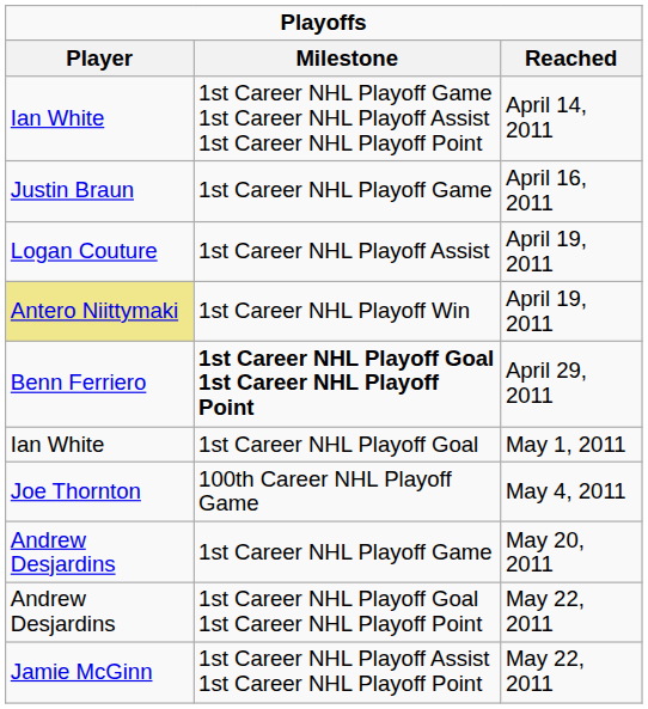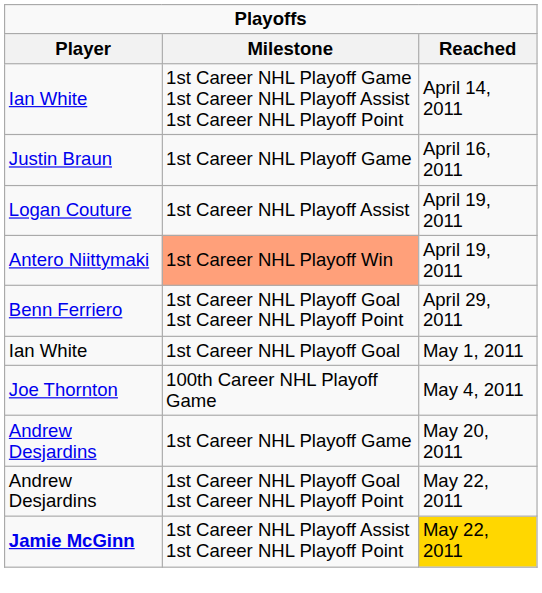 <table class="wikitable" width="52%">
 <tr>
 <td colspan="10" align="center"><strong>Playoffs</strong></td>
 </tr>
 <tr>
 <th>Player</th>
 <th>Milestone</th>
 <th>Reached</th>
 </tr>
 <tr>
 <td><a href='#'>Ian White</a></td>
 <td>1st Career NHL Playoff Game<br>1st Career NHL Playoff Assist<br>1st Career NHL Playoff Point</td>
 <td>April 14, 2011</td>
 </tr>
 <tr>
 <td><a href='#'>Justin Braun</a></td>
 <td>1st Career NHL Playoff Game</td>
 <td>April 16, 2011</td>
 </tr>
 <tr>
 <td><a href='#'>Logan Couture</a></td>
 <td>1st Career NHL Playoff Assist</td>
 <td>April 19, 2011</td>
 </tr>
 <tr>
-<td style="background: khaki;"><a href='#'>Antero Niittymaki</a></td>
-<td>1st Career NHL Playoff Win</td>
+<td><a href='#'>Antero Niittymaki</a></td>
+<td style="background: lightsalmon;">1st Career NHL Playoff Win</td>
 <td>April 19, 2011</td>
 </tr>
 <tr>
 <td><a href='#'>Benn Ferriero</a></td>
-<td><strong>1st Career NHL Playoff Goal<br>1st Career NHL Playoff Point</strong></td>
+<td>1st Career NHL Playoff Goal<br>1st Career NHL Playoff Point</td>
 <td>April 29, 2011</td>
 </tr>
 <tr>
 <td>Ian White</td>
 <td>1st Career NHL Playoff Goal</td>
 <td>May 1, 2011</td>
 </tr>
 <tr>
 <td><a href='#'>Joe Thornton</a></td>
 <td>100th Career NHL Playoff Game</td>
 <td>May 4, 2011</td>
 </tr>
 <tr>
 <td><a href='#'>Andrew Desjardins</a></td>
 <td>1st Career NHL Playoff Game</td>
 <td>May 20, 2011</td>
 </tr>
 <tr>
 <td>Andrew Desjardins</td>
 <td>1st Career NHL Playoff Goal<br>1st Career NHL Playoff Point</td>
 <td>May 22, 2011</td>
 </tr>
 <tr>
-<td><a href='#'>Jamie McGinn</a></td>
+<td><strong><a href='#'>Jamie McGinn</a></strong></td>
 <td>1st Career NHL Playoff Assist<br>1st Career NHL Playoff Point</td>
-<td>May 22, 2011</td>
+<td style="background: gold;">May 22, 2011</td>
 </tr>
 </table>
